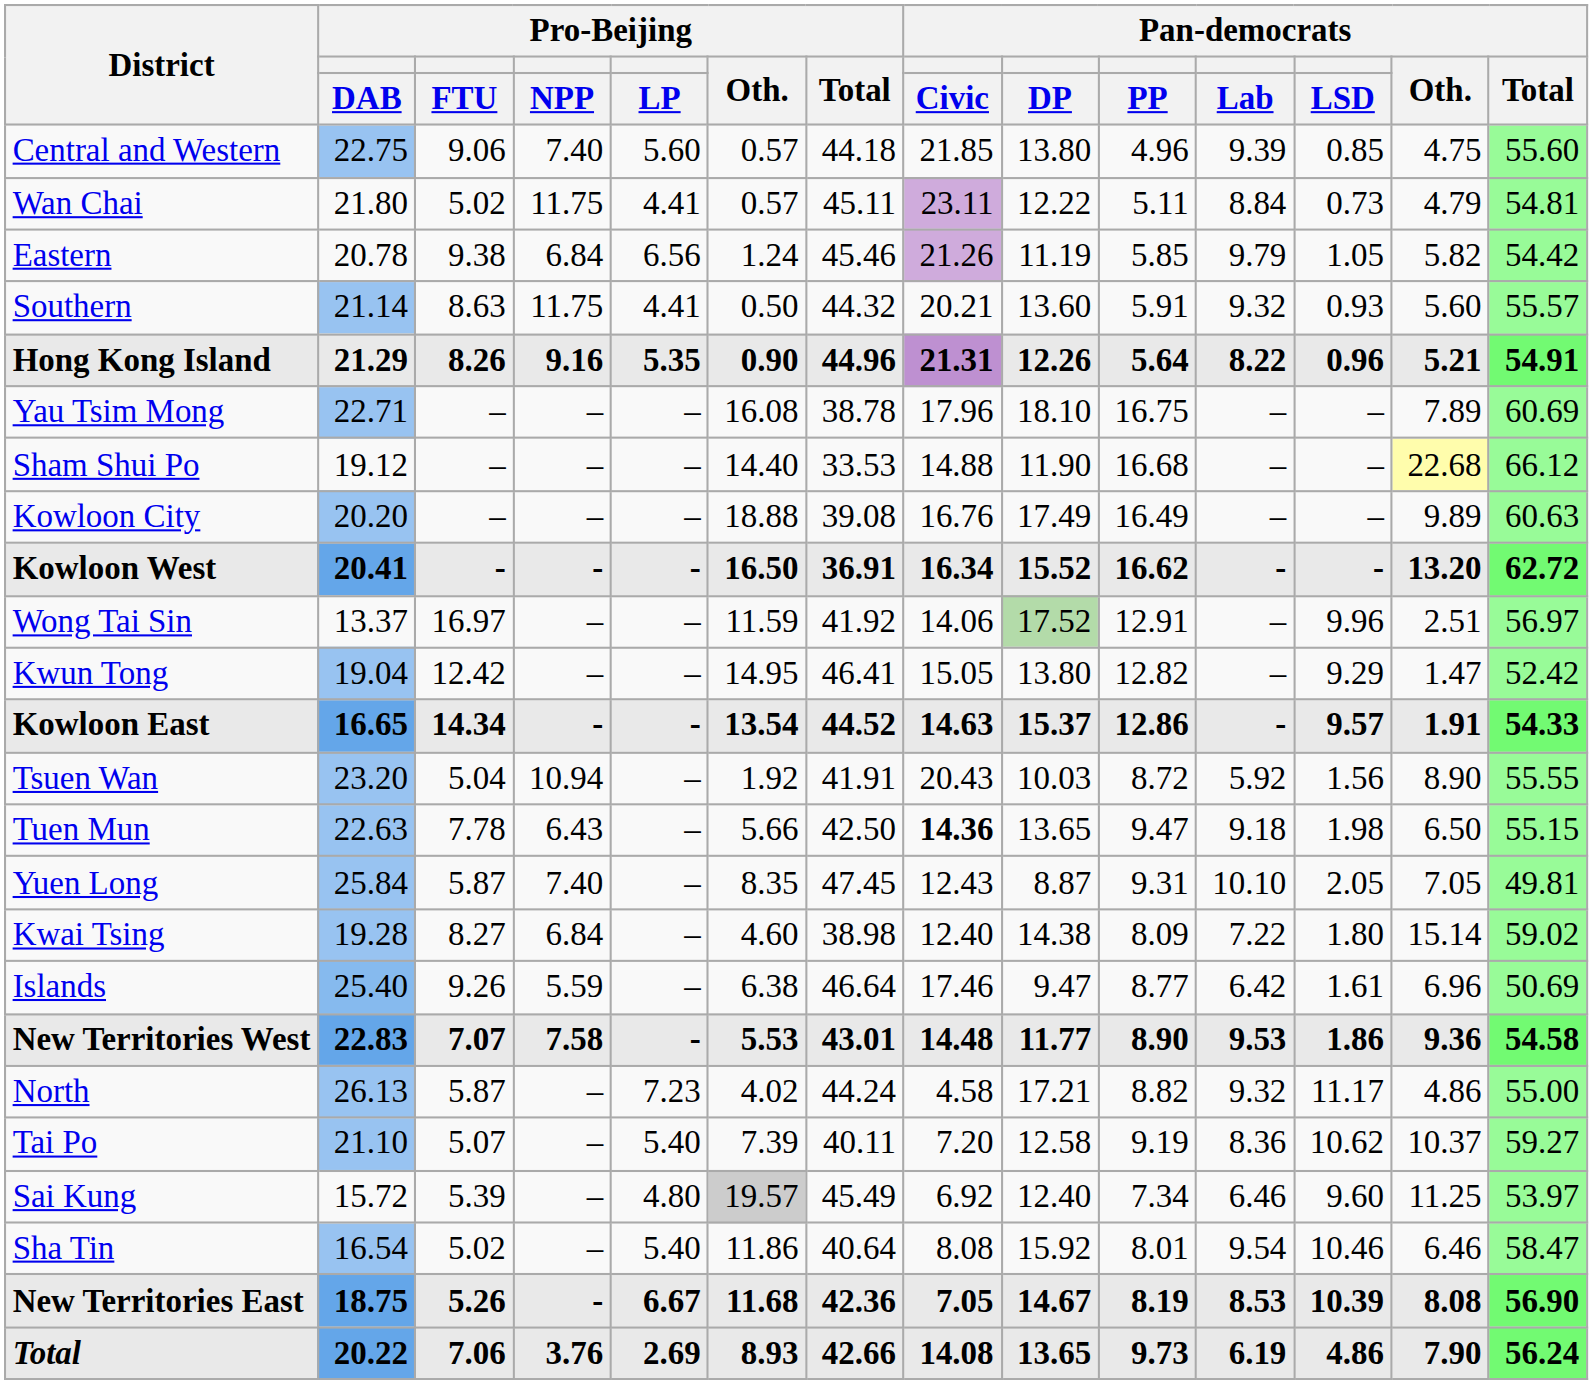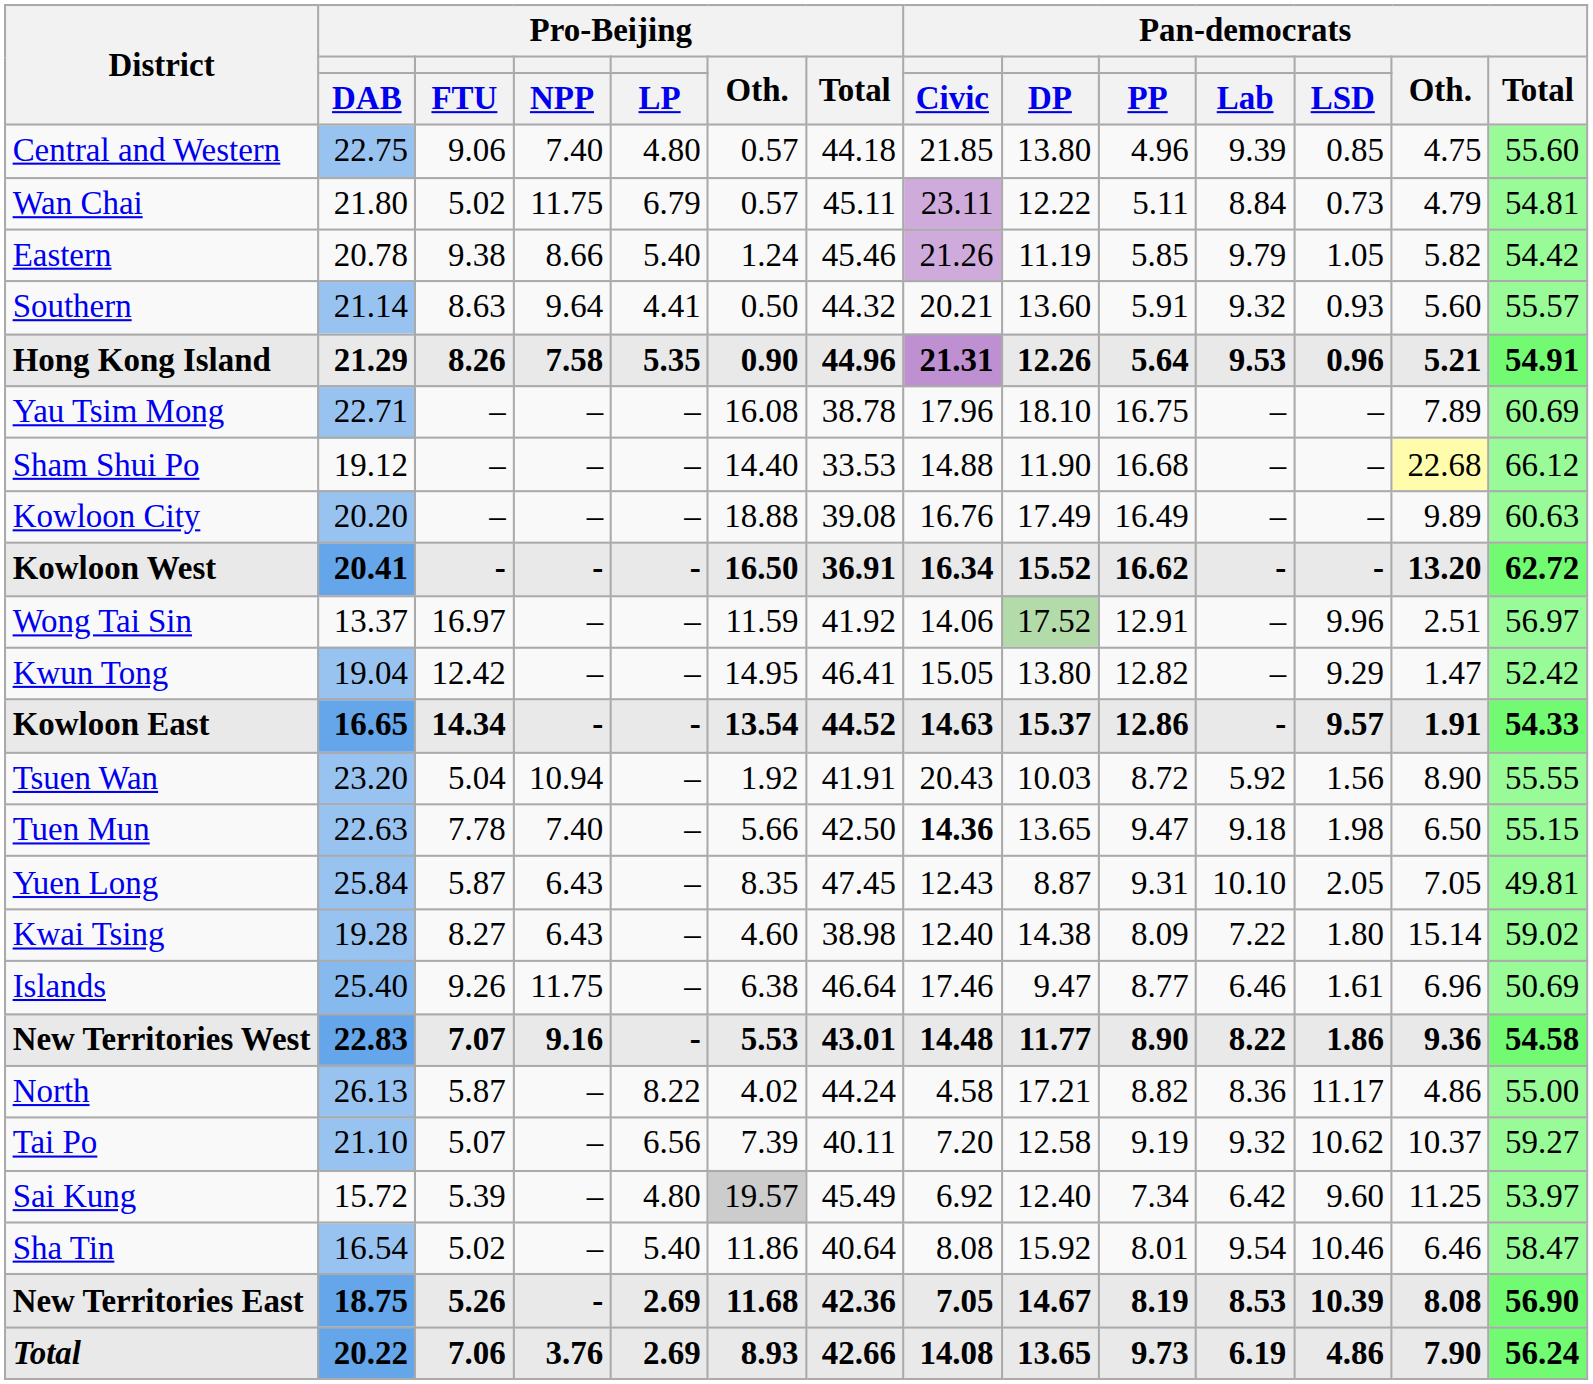 <table class="wikitable sortable collapsible collapsed"  style="text-align: right;">
 <tr align=center>
 <th rowspan=3>District<br></th>
 <th colspan=6>Pro-Beijing</th>
 <th colspan=7>Pan-democrats</th>
 </tr>
 <tr>
 <th style="background:"></th>
 <th style="background:"></th>
 <th style="background:"></th>
 <th style="background:"></th>
 <th width="40px" rowspan=2>Oth.</th>
 <th width="40px" rowspan=2>Total</th>
 <th style="background:"></th>
 <th style="background:"></th>
 <th style="background:"></th>
 <th style="background:"></th>
 <th style="background:"></th>
 <th width="40px" rowspan=2>Oth.</th>
 <th width="40px" rowspan=2>Total</th>
 </tr>
 <tr>
 <th width="40px"><a href='#'>DAB</a></th>
 <th width="40px"><a href='#'>FTU</a></th>
 <th width="40px"><a href='#'>NPP</a></th>
 <th width="40px"><a href='#'>LP</a></th>
 <th width="40px"><a href='#'>Civic</a></th>
 <th width="40px"><a href='#'>DP</a></th>
 <th width="40px"><a href='#'>PP</a></th>
 <th width="40px"><a href='#'>Lab</a></th>
 <th width="40px"><a href='#'>LSD</a></th>
 </tr>
 <tr>
 <td align=left><a href='#'>Central and Western</a></td>
 <td bgcolor=#98c3f1>22.75</td>
 <td>9.06</td>
 <td>7.40</td>
-<td>5.60</td>
+<td>4.80</td>
 <td>0.57</td>
 <td>44.18</td>
 <td>21.85</td>
 <td>13.80</td>
 <td>4.96</td>
 <td>9.39</td>
 <td>0.85</td>
 <td>4.75</td>
 <td bgcolor="PaleGreen">55.60</td>
 </tr>
 <tr>
 <td align=left><a href='#'>Wan Chai</a></td>
 <td>21.80</td>
 <td>5.02</td>
 <td>11.75</td>
-<td>4.41</td>
+<td>6.79</td>
 <td>0.57</td>
 <td>45.11</td>
 <td bgcolor=#cfabdc>23.11</td>
 <td>12.22</td>
 <td>5.11</td>
 <td>8.84</td>
 <td>0.73</td>
 <td>4.79</td>
 <td bgcolor="PaleGreen">54.81</td>
 </tr>
 <tr>
 <td align=left><a href='#'>Eastern</a></td>
 <td>20.78</td>
 <td>9.38</td>
-<td>6.84</td>
-<td>6.56</td>
+<td>8.66</td>
+<td>5.40</td>
 <td>1.24</td>
 <td>45.46</td>
 <td bgcolor=#cfabdc>21.26</td>
 <td>11.19</td>
 <td>5.85</td>
 <td>9.79</td>
 <td>1.05</td>
 <td>5.82</td>
 <td bgcolor="PaleGreen">54.42</td>
 </tr>
 <tr>
 <td align=left><a href='#'>Southern</a></td>
 <td bgcolor=#98c3f1>21.14</td>
 <td>8.63</td>
-<td>11.75</td>
+<td>9.64</td>
 <td>4.41</td>
 <td>0.50</td>
 <td>44.32</td>
 <td>20.21</td>
 <td>13.60</td>
 <td>5.91</td>
 <td>9.32</td>
 <td>0.93</td>
 <td>5.60</td>
 <td bgcolor="PaleGreen">55.57</td>
 </tr>
 <tr bgcolor=#E9E9E9>
 <td align=left><strong>Hong Kong Island</strong></td>
 <td align=right><strong>21.29</strong></td>
 <td align=right><strong>8.26</strong></td>
-<td align=right><strong>9.16</strong></td>
+<td align=right><strong>7.58</strong></td>
 <td align=right><strong>5.35</strong></td>
 <td align=right><strong>0.90</strong></td>
 <td align=right><strong>44.96</strong></td>
 <td align=right bgcolor=#be90d1><strong>21.31</strong></td>
 <td align=right><strong>12.26</strong></td>
 <td align=right><strong>5.64</strong></td>
-<td align=right><strong>8.22</strong></td>
+<td align=right><strong>9.53</strong></td>
 <td align=right><strong>0.96</strong></td>
 <td align=right><strong>5.21</strong></td>
 <td bgcolor=#72fa72 align=right><strong>54.91</strong></td>
 </tr>
 <tr>
 <td align=left><a href='#'>Yau Tsim Mong</a></td>
 <td bgcolor=#98c3f1>22.71</td>
 <td>–</td>
 <td>–</td>
 <td>–</td>
 <td>16.08</td>
 <td>38.78</td>
 <td>17.96</td>
 <td>18.10</td>
 <td>16.75</td>
 <td>–</td>
 <td>–</td>
 <td>7.89</td>
 <td bgcolor="PaleGreen">60.69</td>
 </tr>
 <tr>
 <td align=left><a href='#'>Sham Shui Po</a></td>
 <td>19.12</td>
 <td>–</td>
 <td>–</td>
 <td>–</td>
 <td>14.40</td>
 <td>33.53</td>
 <td>14.88</td>
 <td>11.90</td>
 <td>16.68</td>
 <td>–</td>
 <td>–</td>
 <td bgcolor=#fffdac>22.68</td>
 <td bgcolor="PaleGreen">66.12</td>
 </tr>
 <tr>
 <td align=left><a href='#'>Kowloon City</a></td>
 <td bgcolor=#98c3f1>20.20</td>
 <td>–</td>
 <td>–</td>
 <td>–</td>
 <td>18.88</td>
 <td>39.08</td>
 <td>16.76</td>
 <td>17.49</td>
 <td>16.49</td>
 <td>–</td>
 <td>–</td>
 <td>9.89</td>
 <td bgcolor="PaleGreen">60.63</td>
 </tr>
 <tr bgcolor=#E9E9E9>
 <td align=left><strong> Kowloon West</strong></td>
 <td bgcolor=#64a6e9 align=right><strong>20.41</strong></td>
 <td align=right><strong>-</strong></td>
 <td align=right><strong>-</strong></td>
 <td align=right><strong>-</strong></td>
 <td align=right><strong>16.50</strong></td>
 <td align=right><strong>36.91</strong></td>
 <td align=right><strong>16.34</strong></td>
 <td align=right><strong>15.52</strong></td>
 <td align=right><strong>16.62</strong></td>
 <td align=right><strong>-</strong></td>
 <td align=right><strong>-</strong></td>
 <td align=right><strong>13.20</strong></td>
 <td bgcolor=#72fa72 align=right><strong>62.72</strong></td>
 </tr>
 <tr>
 <td align=left><a href='#'>Wong Tai Sin</a></td>
 <td>13.37</td>
 <td>16.97</td>
 <td>–</td>
 <td>–</td>
 <td>11.59</td>
 <td>41.92</td>
 <td>14.06</td>
 <td bgcolor=#b3dba9>17.52</td>
 <td>12.91</td>
 <td>–</td>
 <td>9.96</td>
 <td>2.51</td>
 <td bgcolor="PaleGreen">56.97</td>
 </tr>
 <tr>
 <td align=left><a href='#'>Kwun Tong</a></td>
 <td bgcolor=#98c3f1>19.04</td>
 <td>12.42</td>
 <td>–</td>
 <td>–</td>
 <td>14.95</td>
 <td>46.41</td>
 <td>15.05</td>
 <td>13.80</td>
 <td>12.82</td>
 <td>–</td>
 <td>9.29</td>
 <td>1.47</td>
 <td bgcolor="PaleGreen">52.42</td>
 </tr>
 <tr bgcolor=#E9E9E9>
 <td align=left><strong>Kowloon East</strong></td>
 <td bgcolor=#64a6e9 align=right><strong>16.65</strong></td>
 <td align=right><strong>14.34</strong></td>
 <td align=right><strong>-</strong></td>
 <td align=right><strong>-</strong></td>
 <td align=right><strong>13.54</strong></td>
 <td align=right><strong>44.52</strong></td>
 <td align=right><strong>14.63</strong></td>
 <td align=right><strong>15.37</strong></td>
 <td align=right><strong>12.86</strong></td>
 <td align=right><strong>-</strong></td>
 <td align=right><strong>9.57</strong></td>
 <td align=right><strong>1.91</strong></td>
 <td bgcolor=#72fa72 align=right><strong>54.33</strong></td>
 </tr>
 <tr>
 <td align=left><a href='#'>Tsuen Wan</a></td>
 <td bgcolor=#98c3f1>23.20</td>
 <td>5.04</td>
 <td>10.94</td>
 <td>–</td>
 <td>1.92</td>
 <td>41.91</td>
 <td>20.43</td>
 <td>10.03</td>
 <td>8.72</td>
 <td>5.92</td>
 <td>1.56</td>
 <td>8.90</td>
 <td bgcolor="PaleGreen">55.55</td>
 </tr>
 <tr>
 <td align=left><a href='#'>Tuen Mun</a></td>
 <td bgcolor=#98c3f1>22.63</td>
 <td>7.78</td>
-<td>6.43</td>
+<td>7.40</td>
 <td>–</td>
 <td>5.66</td>
 <td>42.50</td>
 <td><strong>14.36</strong></td>
 <td>13.65</td>
 <td>9.47</td>
 <td>9.18</td>
 <td>1.98</td>
 <td>6.50</td>
 <td bgcolor="PaleGreen">55.15</td>
 </tr>
 <tr>
 <td align=left><a href='#'>Yuen Long</a></td>
 <td bgcolor=#98c3f1>25.84</td>
 <td>5.87</td>
-<td>7.40</td>
+<td>6.43</td>
 <td>–</td>
 <td>8.35</td>
 <td>47.45</td>
 <td>12.43</td>
 <td>8.87</td>
 <td>9.31</td>
 <td>10.10</td>
 <td>2.05</td>
 <td>7.05</td>
 <td bgcolor="PaleGreen">49.81</td>
 </tr>
 <tr>
 <td align=left><a href='#'>Kwai Tsing</a></td>
 <td bgcolor=#98c3f1>19.28</td>
 <td>8.27</td>
-<td>6.84</td>
+<td>6.43</td>
 <td>–</td>
 <td>4.60</td>
 <td>38.98</td>
 <td>12.40</td>
 <td>14.38</td>
 <td>8.09</td>
 <td>7.22</td>
 <td>1.80</td>
 <td>15.14</td>
 <td bgcolor="PaleGreen">59.02</td>
 </tr>
 <tr>
 <td align=left><a href='#'>Islands</a></td>
 <td bgcolor=#86baee>25.40</td>
 <td>9.26</td>
-<td>5.59</td>
+<td>11.75</td>
 <td>–</td>
 <td>6.38</td>
 <td>46.64</td>
 <td>17.46</td>
 <td>9.47</td>
 <td>8.77</td>
-<td>6.42</td>
+<td>6.46</td>
 <td>1.61</td>
 <td>6.96</td>
 <td bgcolor="PaleGreen">50.69</td>
 </tr>
 <tr bgcolor=#E9E9E9>
 <td align=left><strong>New Territories West</strong></td>
 <td bgcolor=#64a6e9 align=right><strong>22.83</strong></td>
 <td align=right><strong>7.07</strong></td>
-<td align=right><strong>7.58</strong></td>
+<td align=right><strong>9.16</strong></td>
 <td align=right><strong>-</strong></td>
 <td align=right><strong>5.53</strong></td>
 <td align=right><strong>43.01</strong></td>
 <td align=right><strong>14.48</strong></td>
 <td align=right><strong>11.77</strong></td>
 <td align=right><strong>8.90</strong></td>
-<td align=right><strong>9.53</strong></td>
+<td align=right><strong>8.22</strong></td>
 <td align=right><strong>1.86</strong></td>
 <td align=right><strong>9.36</strong></td>
 <td bgcolor=#72fa72 align=right><strong>54.58</strong></td>
 </tr>
 <tr>
 <td align=left><a href='#'>North</a></td>
 <td bgcolor=#98c3f1>26.13</td>
 <td>5.87</td>
 <td>–</td>
-<td>7.23</td>
+<td>8.22</td>
 <td>4.02</td>
 <td>44.24</td>
 <td>4.58</td>
 <td>17.21</td>
 <td>8.82</td>
-<td>9.32</td>
+<td>8.36</td>
 <td>11.17</td>
 <td>4.86</td>
 <td bgcolor="PaleGreen">55.00</td>
 </tr>
 <tr>
 <td align=left><a href='#'>Tai Po</a></td>
 <td bgcolor=#98c3f1>21.10</td>
 <td>5.07</td>
 <td>–</td>
-<td>5.40</td>
+<td>6.56</td>
 <td>7.39</td>
 <td>40.11</td>
 <td>7.20</td>
 <td>12.58</td>
 <td>9.19</td>
-<td>8.36</td>
+<td>9.32</td>
 <td>10.62</td>
 <td>10.37</td>
 <td bgcolor="PaleGreen">59.27</td>
 </tr>
 <tr>
 <td align=left><a href='#'>Sai Kung</a></td>
 <td>15.72</td>
 <td>5.39</td>
 <td>–</td>
 <td>4.80</td>
 <td bgcolor=#cccccc>19.57</td>
 <td>45.49</td>
 <td>6.92</td>
 <td>12.40</td>
 <td>7.34</td>
-<td>6.46</td>
+<td>6.42</td>
 <td>9.60</td>
 <td>11.25</td>
 <td bgcolor="PaleGreen">53.97</td>
 </tr>
 <tr>
 <td align=left><a href='#'>Sha Tin</a></td>
 <td bgcolor=#98c3f1>16.54</td>
 <td>5.02</td>
 <td>–</td>
 <td>5.40</td>
 <td>11.86</td>
 <td>40.64</td>
 <td>8.08</td>
 <td>15.92</td>
 <td>8.01</td>
 <td>9.54</td>
 <td>10.46</td>
 <td>6.46</td>
 <td bgcolor="PaleGreen">58.47</td>
 </tr>
 <tr bgcolor=#E9E9E9>
 <td align=left><strong>New Territories East</strong></td>
 <td bgcolor=#64a6e9 align=right><strong>18.75</strong></td>
 <td align=right><strong>5.26</strong></td>
 <td align=right><strong>-</strong></td>
-<td align=right><strong>6.67</strong></td>
+<td align=right><strong>2.69</strong></td>
 <td align=right><strong>11.68</strong></td>
 <td align=right><strong>42.36</strong></td>
 <td align=right><strong>7.05</strong></td>
 <td align=right><strong>14.67</strong></td>
 <td align=right><strong>8.19</strong></td>
 <td align=right><strong>8.53</strong></td>
 <td align=right><strong>10.39</strong></td>
 <td align=right><strong>8.08</strong></td>
 <td bgcolor=#72fa72 align=right><strong>56.90</strong></td>
 </tr>
 <tr class="sortbottom" bgcolor=#E9E9E9>
 <td align=left><strong><em>Total</em></strong></td>
 <td bgcolor=#64a6e9 align=right><strong>20.22</strong></td>
 <td align=right><strong>7.06</strong></td>
 <td align=right><strong>3.76</strong></td>
 <td align=right><strong>2.69</strong></td>
 <td align=right><strong>8.93</strong></td>
 <td align=right><strong>42.66</strong></td>
 <td align=right><strong>14.08</strong></td>
 <td align=right><strong>13.65</strong></td>
 <td align=right><strong>9.73</strong></td>
 <td align=right><strong>6.19</strong></td>
 <td align=right><strong>4.86</strong></td>
 <td align=right><strong>7.90</strong></td>
 <td bgcolor=#72fa72 align=right><strong>56.24</strong></td>
 </tr>
 </table>
